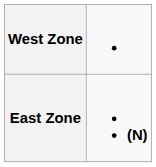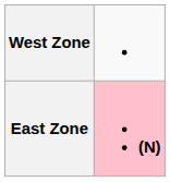 <table class="wikitable">
 <tr>
 <th>West Zone</th>
 <td valign=top><br><ul><li></li></ul></td>
 </tr>
 <tr>
 <th>East Zone</th>
-<td valign=top><br><ul><li></li><li> <strong>(N)</strong></li></ul></td>
+<td valign=top style="background: pink;"><br><ul><li></li><li> <strong>(N)</strong></li></ul></td>
 </tr>
 </table>
